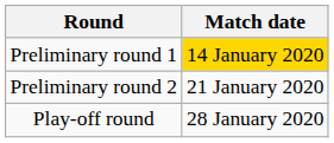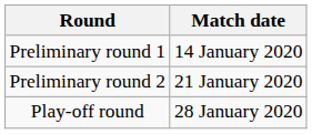 <table class="wikitable" style="text-align:center">
 <tr>
 <th>Round</th>
 <th>Match date</th>
 </tr>
 <tr>
 <td>Preliminary round 1</td>
-<td style="background: gold;">14 January 2020</td>
+<td>14 January 2020</td>
 </tr>
 <tr>
 <td>Preliminary round 2</td>
 <td>21 January 2020</td>
 </tr>
 <tr>
 <td>Play-off round</td>
 <td>28 January 2020</td>
 </tr>
 </table>
